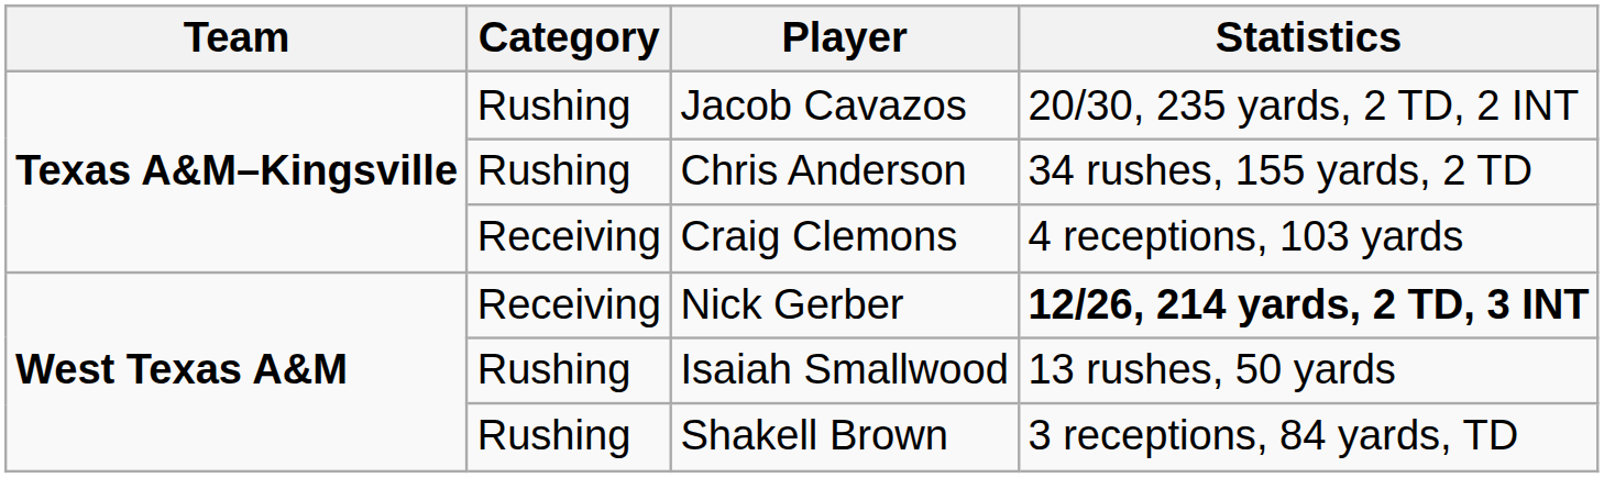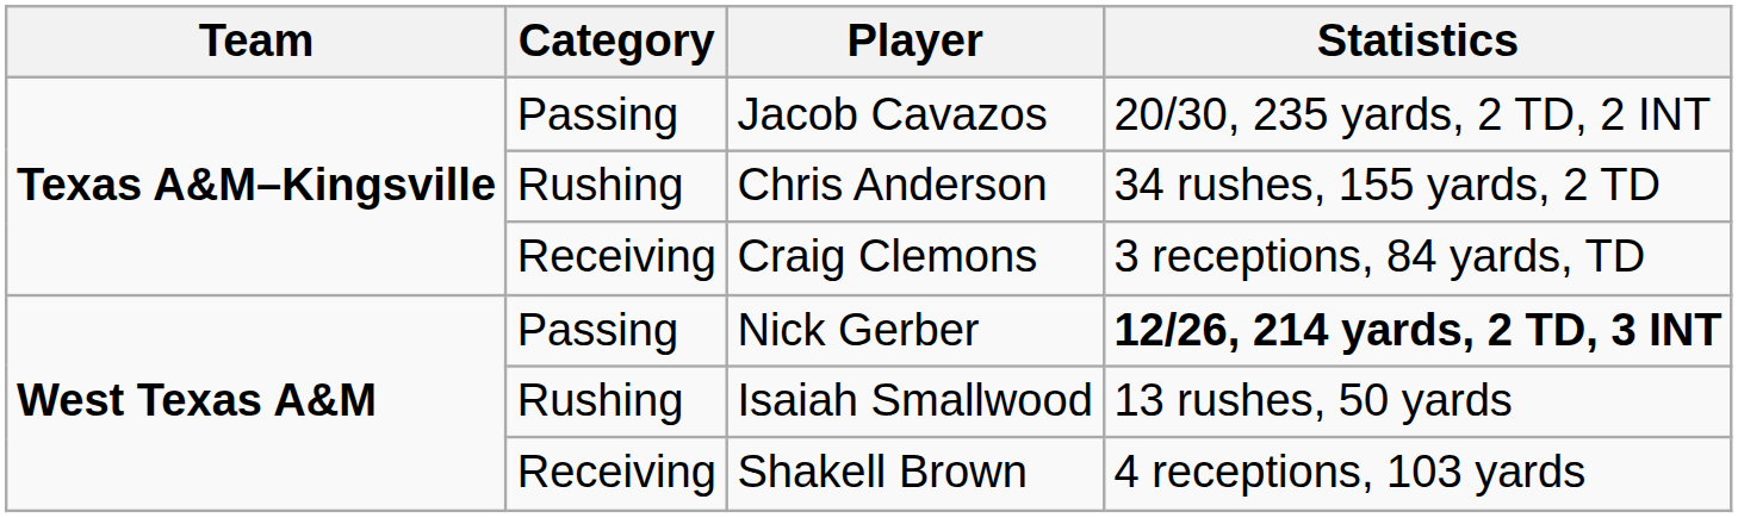 <table class="wikitable" style="float: left;">
 <tr>
 <th>Team</th>
 <th>Category</th>
 <th>Player</th>
 <th>Statistics</th>
 </tr>
 <tr>
 <td rowspan=3><strong>Texas A&M–Kingsville</strong></td>
-<td>Rushing</td>
+<td>Passing</td>
 <td>Jacob Cavazos</td>
 <td>20/30, 235 yards, 2 TD, 2 INT</td>
 </tr>
 <tr>
 <td>Rushing</td>
 <td>Chris Anderson</td>
 <td>34 rushes, 155 yards, 2 TD</td>
 </tr>
 <tr>
 <td>Receiving</td>
 <td>Craig Clemons</td>
-<td>4 receptions, 103 yards</td>
+<td>3 receptions, 84 yards, TD</td>
 </tr>
 <tr>
 <td rowspan=3><strong>West Texas A&M</strong></td>
-<td>Receiving</td>
+<td>Passing</td>
 <td>Nick Gerber</td>
 <td><strong>12/26, 214 yards, 2 TD, 3 INT</strong></td>
 </tr>
 <tr>
 <td>Rushing</td>
 <td>Isaiah Smallwood</td>
 <td>13 rushes, 50 yards</td>
 </tr>
 <tr>
-<td>Rushing</td>
+<td>Receiving</td>
 <td>Shakell Brown</td>
-<td>3 receptions, 84 yards, TD</td>
+<td>4 receptions, 103 yards</td>
 </tr>
 </table>
